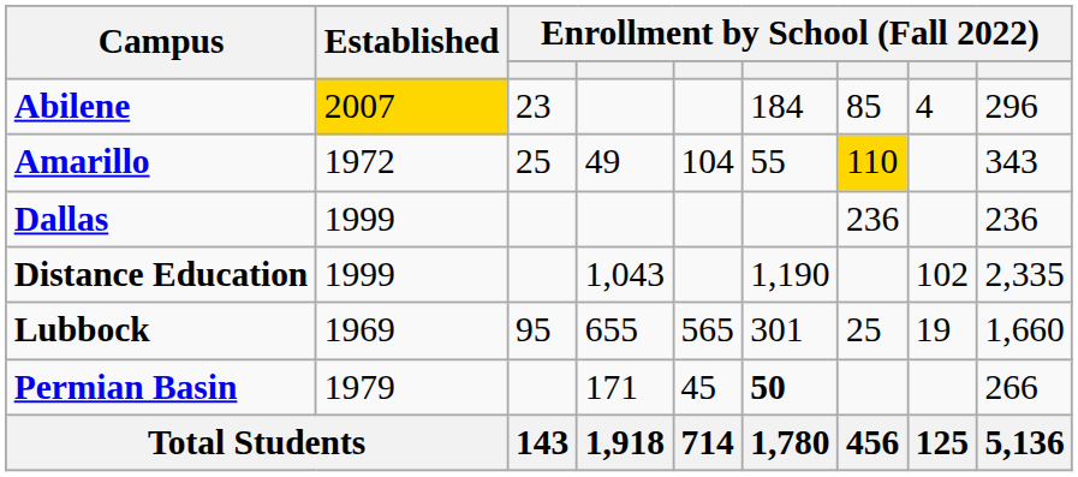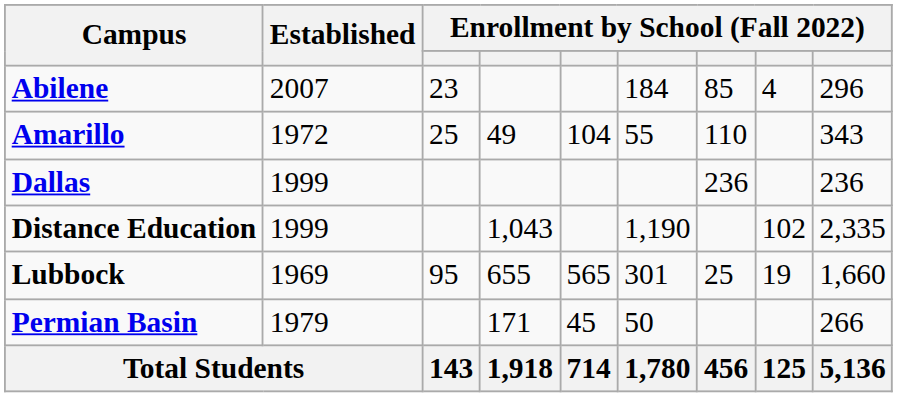 <table class="wikitable sortable defaultright col1left col2center">
 <tr>
 <th scope=col rowspan=2>Campus</th>
 <th scope=col rowspan=2>Established</th>
 <th colspan=7 scope=colgroup class=unsortable>Enrollment by School (Fall 2022)</th>
 </tr>
 <tr>
 <th scope=col></th>
 <th scope=col></th>
 <th scope=col></th>
 <th scope=col></th>
 <th scope=col></th>
 <th scope=col></th>
 <th scope=col></th>
 </tr>
 <tr>
 <td><strong><a href='#'>Abilene</a></strong></td>
-<td style="background: gold;">2007</td>
+<td>2007</td>
 <td>23</td>
 <td></td>
 <td></td>
 <td>184</td>
 <td>85</td>
 <td>4</td>
 <td>296</td>
 </tr>
 <tr>
 <td><strong><a href='#'>Amarillo</a></strong></td>
 <td>1972</td>
 <td>25</td>
 <td>49</td>
 <td>104</td>
 <td>55</td>
-<td style="background: gold;">110</td>
+<td>110</td>
 <td></td>
 <td>343</td>
 </tr>
 <tr>
 <td><strong><a href='#'>Dallas</a></strong></td>
 <td>1999</td>
 <td></td>
 <td></td>
 <td></td>
 <td></td>
 <td>236</td>
 <td></td>
 <td>236</td>
 </tr>
 <tr>
 <td><strong>Distance Education</strong></td>
 <td>1999</td>
 <td></td>
 <td>1,043</td>
 <td></td>
 <td>1,190</td>
 <td></td>
 <td>102</td>
 <td>2,335</td>
 </tr>
 <tr>
 <td><strong>Lubbock</strong></td>
 <td>1969</td>
 <td>95</td>
 <td>655</td>
 <td>565</td>
 <td>301</td>
 <td>25</td>
 <td>19</td>
 <td>1,660</td>
 </tr>
 <tr>
 <td><strong><a href='#'>Permian Basin</a></strong></td>
 <td>1979</td>
 <td></td>
 <td>171</td>
 <td>45</td>
-<td><strong>50</strong></td>
+<td>50</td>
 <td></td>
 <td></td>
 <td>266</td>
 </tr>
 <tr class="sortbottom">
 <th colspan=2>Total Students</th>
 <th>143</th>
 <th>1,918</th>
 <th>714</th>
 <th>1,780</th>
 <th>456</th>
 <th>125</th>
 <th>5,136</th>
 </tr>
 </table>
